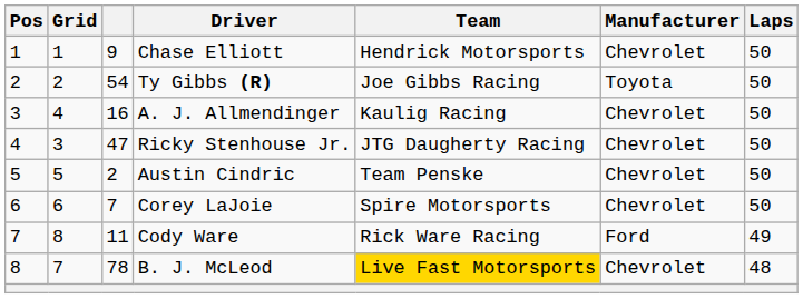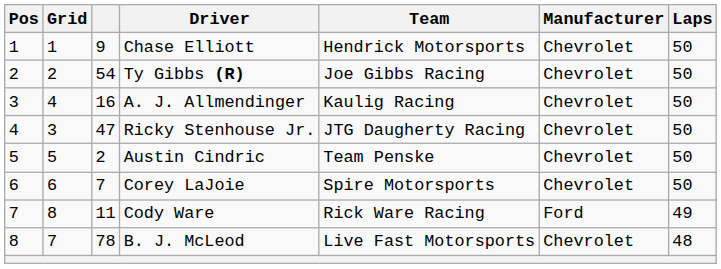 <table class="wikitable" style="font-size:98%">
 <tr>
 <th>Pos</th>
 <th>Grid</th>
 <th></th>
 <th>Driver</th>
 <th>Team</th>
 <th>Manufacturer</th>
 <th>Laps</th>
 </tr>
 <tr>
 <td>1</td>
 <td>1</td>
 <td>9</td>
 <td>Chase Elliott</td>
 <td>Hendrick Motorsports</td>
 <td>Chevrolet</td>
 <td>50</td>
 </tr>
 <tr>
 <td>2</td>
 <td>2</td>
 <td>54</td>
 <td>Ty Gibbs <strong>(R)</strong></td>
 <td>Joe Gibbs Racing</td>
-<td>Toyota</td>
+<td>Chevrolet</td>
 <td>50</td>
 </tr>
 <tr>
 <td>3</td>
 <td>4</td>
 <td>16</td>
 <td>A. J. Allmendinger</td>
 <td>Kaulig Racing</td>
 <td>Chevrolet</td>
 <td>50</td>
 </tr>
 <tr>
 <td>4</td>
 <td>3</td>
 <td>47</td>
 <td>Ricky Stenhouse Jr.</td>
 <td>JTG Daugherty Racing</td>
 <td>Chevrolet</td>
 <td>50</td>
 </tr>
 <tr>
 <td>5</td>
 <td>5</td>
 <td>2</td>
 <td>Austin Cindric</td>
 <td>Team Penske</td>
 <td>Chevrolet</td>
 <td>50</td>
 </tr>
 <tr>
 <td>6</td>
 <td>6</td>
 <td>7</td>
 <td>Corey LaJoie</td>
 <td>Spire Motorsports</td>
 <td>Chevrolet</td>
 <td>50</td>
 </tr>
 <tr>
 <td>7</td>
 <td>8</td>
 <td>11</td>
 <td>Cody Ware</td>
 <td>Rick Ware Racing</td>
 <td>Ford</td>
 <td>49</td>
 </tr>
 <tr>
 <td>8</td>
 <td>7</td>
 <td>78</td>
 <td>B. J. McLeod</td>
-<td style="background: gold;">Live Fast Motorsports</td>
+<td>Live Fast Motorsports</td>
 <td>Chevrolet</td>
 <td>48</td>
 </tr>
 <tr>
 <th colspan="7"></th>
 </tr>
 </table>
